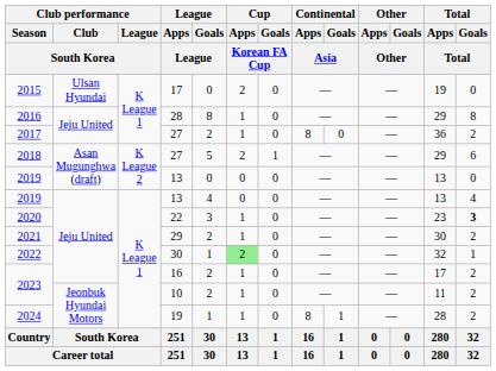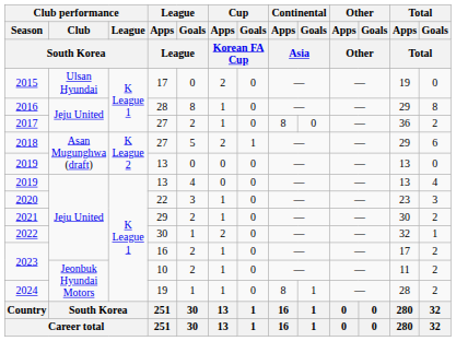 <table class="wikitable" style="text-align:center">
 <tr>
 <th colspan=3>Club performance</th>
 <th colspan=2>League</th>
 <th colspan=2>Cup</th>
 <th colspan=2>Continental</th>
 <th colspan=2>Other</th>
 <th colspan=2>Total</th>
 </tr>
 <tr>
 <th>Season</th>
 <th>Club</th>
 <th>League</th>
 <th>Apps</th>
 <th>Goals</th>
 <th>Apps</th>
 <th>Goals</th>
 <th>Apps</th>
 <th>Goals</th>
 <th>Apps</th>
 <th>Goals</th>
 <th>Apps</th>
 <th>Goals</th>
 </tr>
 <tr>
 <th colspan=3>South Korea</th>
 <th colspan=2>League</th>
 <th colspan=2><a href='#'>Korean FA Cup</a></th>
 <th colspan=2><a href='#'>Asia</a></th>
 <th colspan=2>Other</th>
 <th colspan=2>Total</th>
 </tr>
 <tr>
 <td><a href='#'>2015</a></td>
 <td rowspan=1><a href='#'>Ulsan Hyundai</a></td>
 <td rowspan=3><a href='#'>K League 1</a></td>
 <td>17</td>
 <td>0</td>
 <td>2</td>
 <td>0</td>
 <td colspan=2>—</td>
 <td colspan=2>—</td>
 <td>19</td>
 <td>0</td>
 </tr>
 <tr>
 <td><a href='#'>2016</a></td>
 <td rowspan=2><a href='#'>Jeju United</a></td>
 <td>28</td>
 <td>8</td>
 <td>1</td>
 <td>0</td>
 <td colspan=2>—</td>
 <td colspan=2>—</td>
 <td>29</td>
 <td>8</td>
 </tr>
 <tr>
 <td><a href='#'>2017</a></td>
 <td>27</td>
 <td>2</td>
 <td>1</td>
 <td>0</td>
 <td>8</td>
 <td>0</td>
 <td colspan=2>—</td>
 <td>36</td>
 <td>2</td>
 </tr>
 <tr>
 <td><a href='#'>2018</a></td>
 <td rowspan=2><a href='#'>Asan Mugunghwa</a> (<a href='#'>draft</a>)</td>
 <td rowspan=2><a href='#'>K League 2</a></td>
 <td>27</td>
 <td>5</td>
 <td>2</td>
 <td>1</td>
 <td colspan=2>—</td>
 <td colspan=2>—</td>
 <td>29</td>
 <td>6</td>
 </tr>
 <tr>
 <td><a href='#'>2019</a></td>
 <td>13</td>
 <td>0</td>
 <td>0</td>
 <td>0</td>
 <td colspan=2>—</td>
 <td colspan=2>—</td>
 <td>13</td>
 <td>0</td>
 </tr>
 <tr>
 <td><a href='#'>2019</a></td>
 <td rowspan=5><a href='#'>Jeju United</a></td>
 <td rowspan=7><a href='#'>K League 1</a></td>
 <td>13</td>
 <td>4</td>
 <td>0</td>
 <td>0</td>
 <td colspan=2>—</td>
 <td colspan=2>—</td>
 <td>13</td>
 <td>4</td>
 </tr>
 <tr>
 <td><a href='#'>2020</a></td>
 <td>22</td>
 <td>3</td>
 <td>1</td>
 <td>0</td>
 <td colspan=2>—</td>
 <td colspan=2>—</td>
 <td>23</td>
-<td><strong>3</strong></td>
+<td>3</td>
 </tr>
 <tr>
 <td><a href='#'>2021</a></td>
 <td>29</td>
 <td>2</td>
 <td>1</td>
 <td>0</td>
 <td colspan=2>—</td>
 <td colspan=2>—</td>
 <td>30</td>
 <td>2</td>
 </tr>
 <tr>
 <td><a href='#'>2022</a></td>
 <td>30</td>
 <td>1</td>
-<td style="background: lightgreen;">2</td>
+<td>2</td>
 <td>0</td>
 <td colspan=2>—</td>
 <td colspan=2>—</td>
 <td>32</td>
 <td>1</td>
 </tr>
 <tr>
 <td rowspan=2><a href='#'>2023</a></td>
 <td>16</td>
 <td>2</td>
 <td>1</td>
 <td>0</td>
 <td colspan=2>—</td>
 <td colspan=2>—</td>
 <td>17</td>
 <td>2</td>
 </tr>
 <tr>
 <td rowspan=2><a href='#'>Jeonbuk Hyundai Motors</a></td>
 <td>10</td>
 <td>2</td>
 <td>1</td>
 <td>0</td>
 <td colspan=2>—</td>
 <td colspan=2>—</td>
 <td>11</td>
 <td>2</td>
 </tr>
 <tr>
 <td><a href='#'>2024</a></td>
 <td>19</td>
 <td>1</td>
 <td>1</td>
 <td>0</td>
 <td>8</td>
 <td>1</td>
 <td colspan=2>—</td>
 <td>28</td>
 <td>2</td>
 </tr>
 <tr>
 <th>Country</th>
 <th colspan=2>South Korea</th>
 <th>251</th>
 <th>30</th>
 <th>13</th>
 <th>1</th>
 <th>16</th>
 <th>1</th>
 <th>0</th>
 <th>0</th>
 <th>280</th>
 <th>32</th>
 </tr>
 <tr>
 <th colspan=3>Career total</th>
 <th>251</th>
 <th>30</th>
 <th>13</th>
 <th>1</th>
 <th>16</th>
 <th>1</th>
 <th>0</th>
 <th>0</th>
 <th>280</th>
 <th>32</th>
 </tr>
 </table>
